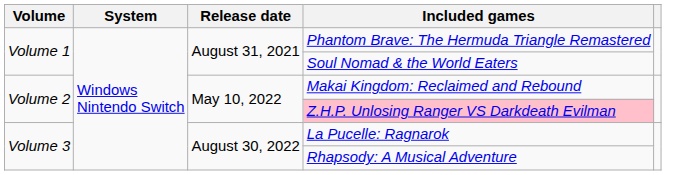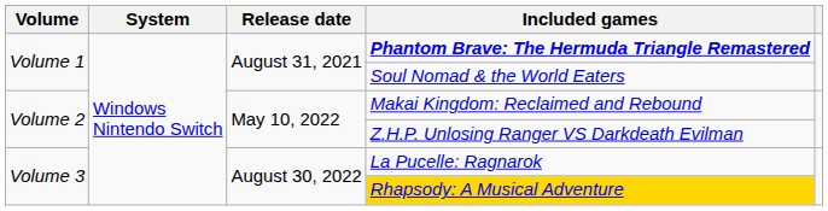 <table class="wikitable sortable">
 <tr>
 <th>Volume</th>
 <th>System</th>
 <th>Release date</th>
 <th>Included games</th>
 <th></th>
 </tr>
 <tr>
 <td rowspan="2"><em>Volume 1</em></td>
 <td rowspan="6"><a href='#'>Windows</a> <br> <a href='#'>Nintendo Switch</a></td>
 <td rowspan="2">August 31, 2021</td>
-<td><em><a href='#'>Phantom Brave: The Hermuda Triangle Remastered</a></em></td>
+<td><strong><em><a href='#'>Phantom Brave: The Hermuda Triangle Remastered</a></em></strong></td>
 <td rowspan="2"></td>
 </tr>
 <tr>
 <td><em><a href='#'>Soul Nomad & the World Eaters</a></em></td>
 </tr>
 <tr>
 <td rowspan="2"><em>Volume 2</em></td>
 <td rowspan="2">May 10, 2022</td>
 <td><em><a href='#'>Makai Kingdom: Reclaimed and Rebound</a></em></td>
 <td rowspan="2"></td>
 </tr>
 <tr>
-<td style="background: pink;"><em><a href='#'>Z.H.P. Unlosing Ranger VS Darkdeath Evilman</a></em></td>
+<td><em><a href='#'>Z.H.P. Unlosing Ranger VS Darkdeath Evilman</a></em></td>
 </tr>
 <tr>
 <td rowspan="2"><em>Volume 3</em></td>
 <td rowspan="2">August 30, 2022</td>
 <td><em><a href='#'>La Pucelle: Ragnarok</a></em></td>
 <td rowspan="2"></td>
 </tr>
 <tr>
-<td><em><a href='#'>Rhapsody: A Musical Adventure</a></em></td>
+<td style="background: gold;"><em><a href='#'>Rhapsody: A Musical Adventure</a></em></td>
 </tr>
 </table>
